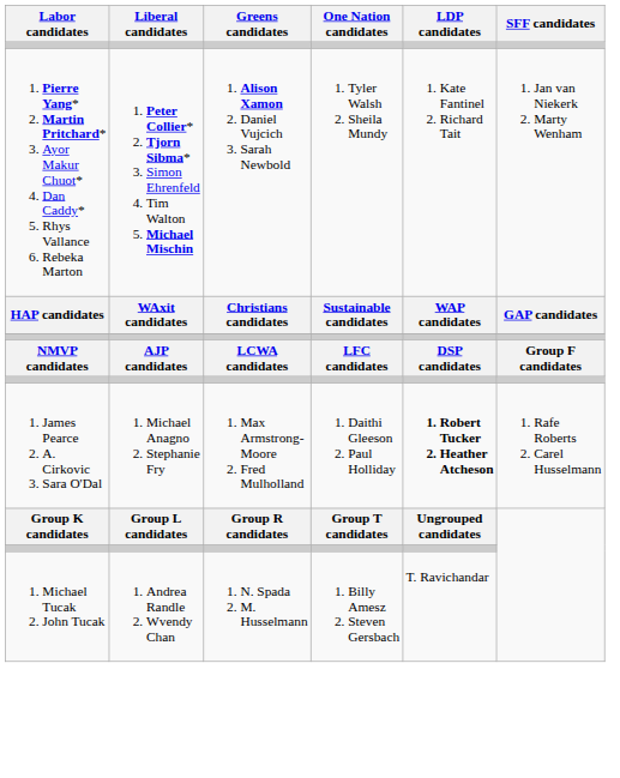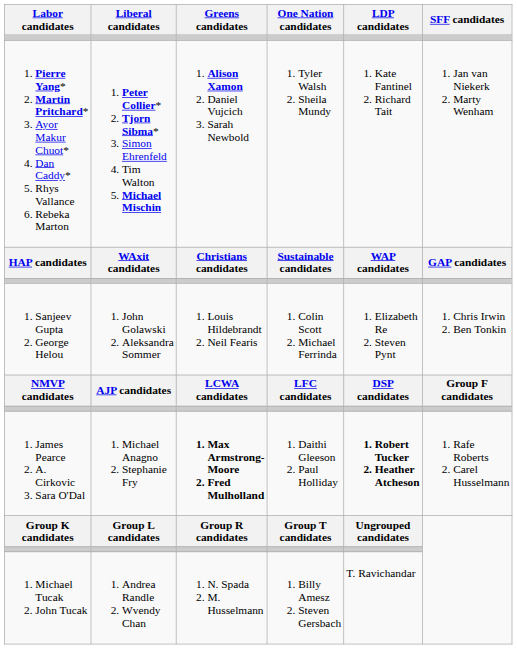 <table class="wikitable">
 <tr>
 <th><a href='#'>Labor</a> candidates</th>
 <th><a href='#'>Liberal</a> candidates</th>
 <th><a href='#'>Greens</a> candidates</th>
 <th><a href='#'>One Nation</a> candidates</th>
 <th><a href='#'>LDP</a> candidates</th>
 <th><a href='#'>SFF</a> candidates</th>
 </tr>
 <tr bgcolor="#cccccc">
 <td></td>
 <td></td>
 <td></td>
 <td></td>
 <td></td>
 <td></td>
 </tr>
 <tr>
 <td><br><ol><li><strong><a href='#'>Pierre Yang</a></strong>*</li><li><strong><a href='#'>Martin Pritchard</a></strong>*</li><li><a href='#'>Ayor Makur Chuot</a>*</li><li><a href='#'>Dan Caddy</a>*</li><li>Rhys Vallance</li><li>Rebeka Marton</li></ol></td>
 <td><br><ol><li><strong><a href='#'>Peter Collier</a></strong>*</li><li><strong><a href='#'>Tjorn Sibma</a></strong>*</li><li><a href='#'>Simon Ehrenfeld</a></li><li>Tim Walton</li><li><strong><a href='#'>Michael Mischin</a></strong></li></ol></td>
 <td valign=top><br><ol><li><strong><a href='#'>Alison Xamon</a></strong></li><li>Daniel Vujcich</li><li>Sarah Newbold</li></ol></td>
 <td valign=top><br><ol><li>Tyler Walsh</li><li>Sheila Mundy</li></ol></td>
 <td valign=top><br><ol><li>Kate Fantinel</li><li>Richard Tait</li></ol></td>
 <td valign=top><br><ol><li>Jan van Niekerk</li><li>Marty Wenham</li></ol></td>
 </tr>
 <tr bgcolor="#cccccc">
 <th><a href='#'>HAP</a> candidates</th>
 <th><a href='#'>WAxit</a> candidates</th>
 <th><a href='#'>Christians</a> candidates</th>
 <th><a href='#'>Sustainable</a> candidates</th>
 <th><a href='#'>WAP</a> candidates</th>
 <th><a href='#'>GAP</a> candidates</th>
 </tr>
 <tr bgcolor="#cccccc">
 <td></td>
 <td></td>
 <td></td>
 <td></td>
 <td></td>
 <td></td>
 </tr>
+<tr>
+<td valign=top><br><ol><li>Sanjeev Gupta</li><li>George Helou</li></ol></td>
+<td valign=top><br><ol><li>John Golawski</li><li>Aleksandra Sommer</li></ol></td>
+<td valign=top><br><ol><li>Louis Hildebrandt</li><li>Neil Fearis</li></ol></td>
+<td valign=top><br><ol><li>Colin Scott</li><li>Michael Ferrinda</li></ol></td>
+<td valign=top><br><ol><li>Elizabeth Re</li><li>Steven Pynt</li></ol></td>
+<td valign=top><br><ol><li>Chris Irwin</li><li>Ben Tonkin</li></ol></td>
+</tr>
 <tr bgcolor="#cccccc">
 <th><a href='#'>NMVP</a> candidates</th>
 <th><a href='#'>AJP</a> candidates</th>
 <th><a href='#'>LCWA</a> candidates</th>
 <th><a href='#'>LFC</a> candidates</th>
 <th><a href='#'>DSP</a> candidates</th>
 <th>Group F candidates</th>
 </tr>
 <tr bgcolor="#cccccc">
 <td></td>
 <td></td>
 <td></td>
 <td></td>
 <td></td>
 <td></td>
 </tr>
 <tr>
 <td valign=top><br><ol><li>James Pearce</li><li>A. Cirkovic</li><li>Sara O'Dal</li></ol></td>
 <td valign=top><br><ol><li>Michael Anagno</li><li>Stephanie Fry</li></ol></td>
-<td valign=top><br><ol><li>Max Armstrong-Moore</li><li>Fred Mulholland</li></ol></td>
+<td valign=top><strong><br><ol><li>Max Armstrong-Moore</li><li>Fred Mulholland</li></ol></strong></td>
 <td valign=top><br><ol><li>Daithi Gleeson</li><li>Paul Holliday</li></ol></td>
 <td valign=top><strong><br><ol><li>Robert Tucker</li><li>Heather Atcheson</li></ol></strong></td>
 <td valign=top><br><ol><li>Rafe Roberts</li><li>Carel Husselmann</li></ol></td>
 </tr>
 <tr bgcolor="#cccccc">
 <th>Group K candidates</th>
 <th>Group L candidates</th>
 <th>Group R candidates</th>
 <th>Group T candidates</th>
 <th>Ungrouped candidates</th>
 </tr>
 <tr bgcolor="#cccccc">
 <td></td>
 <td></td>
 <td></td>
 <td></td>
 <td></td>
 </tr>
 <tr>
 <td valign=top><br><ol><li>Michael Tucak</li><li>John Tucak</li></ol></td>
 <td valign=top><br><ol><li>Andrea Randle</li><li>Wvendy Chan</li></ol></td>
 <td valign=top><br><ol><li>N. Spada</li><li>M. Husselmann</li></ol></td>
 <td valign=top><br><ol><li>Billy Amesz</li><li>Steven Gersbach</li></ol></td>
 <td valign=top><br>T. Ravichandar</td>
 </tr>
 </table>
